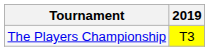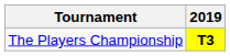 <table class="wikitable" style="font-size:95%;text-align:center;">
 <tr>
 <th>Tournament</th>
 <th>2019</th>
 </tr>
 <tr>
 <td align=left><a href='#'>The Players Championship</a></td>
-<td style="background:yellow;">T3</td>
+<td style="background:yellow;"><strong>T3</strong></td>
 </tr>
 </table>
